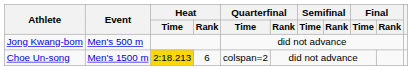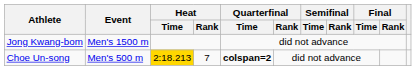 <table class="wikitable" style="font-size:90%">
 <tr>
 <th rowspan=2>Athlete</th>
 <th rowspan=2>Event</th>
 <th colspan=2>Heat</th>
 <th colspan=2>Quarterfinal</th>
 <th colspan=2>Semifinal</th>
 <th colspan=2>Final</th>
 <th rowspan=2></th>
 </tr>
 <tr style="font-size:95%">
 <th>Time</th>
 <th>Rank</th>
 <th>Time</th>
 <th>Rank</th>
 <th>Time</th>
 <th>Rank</th>
 <th>Time</th>
 <th>Rank</th>
 </tr>
 <tr align=center>
 <td align=left><a href='#'>Jong Kwang-bom</a></td>
-<td align=left><a href='#'>Men's 500 m</a></td>
+<td align=left><a href='#'>Men's 1500 m</a></td>
 <td colspan=2></td>
 <td colspan=6>did not advance</td>
 <td></td>
 </tr>
 <tr align=center>
 <td align=left><a href='#'>Choe Un-song</a></td>
-<td align=left><a href='#'>Men's 1500 m</a></td>
+<td align=left><a href='#'>Men's 500 m</a></td>
 <td style="background: gold;">2:18.213</td>
-<td>6</td>
-<td>colspan=2 </td>
+<td>7</td>
+<td><strong>colspan=2 </strong></td>
 <td colspan=4>did not advance</td>
 <td></td>
 </tr>
 </table>
